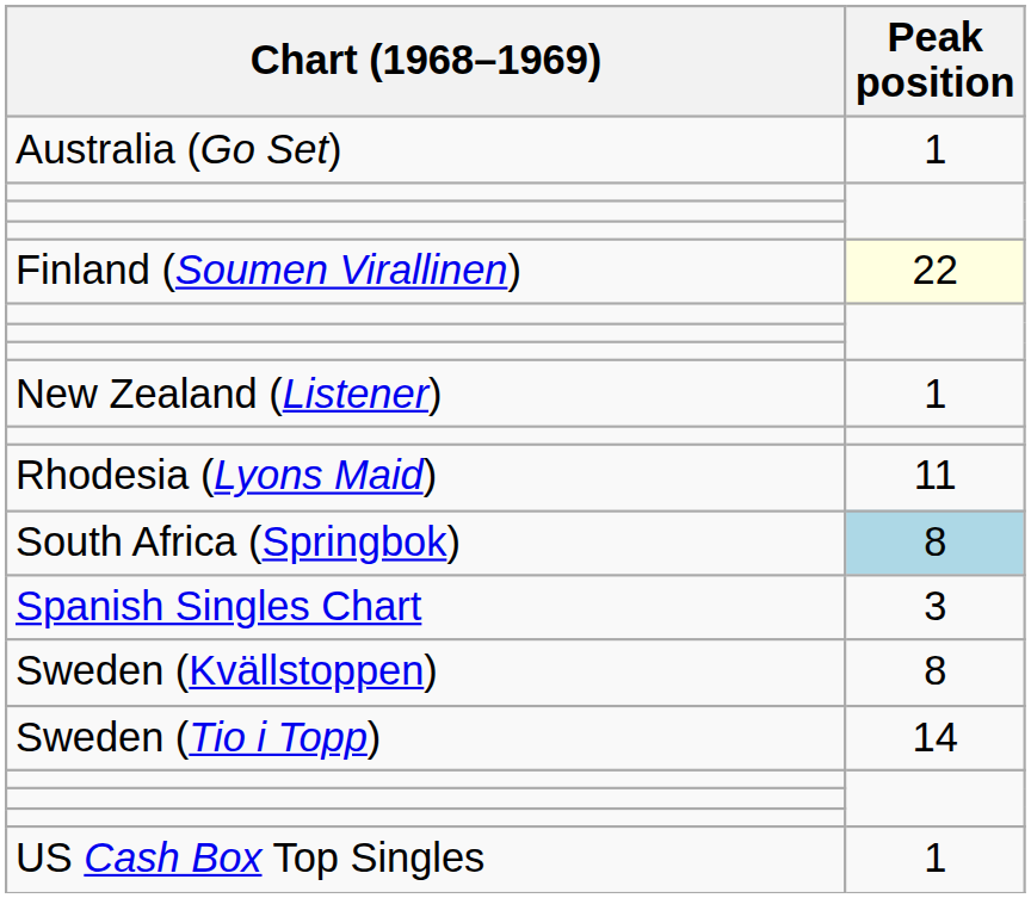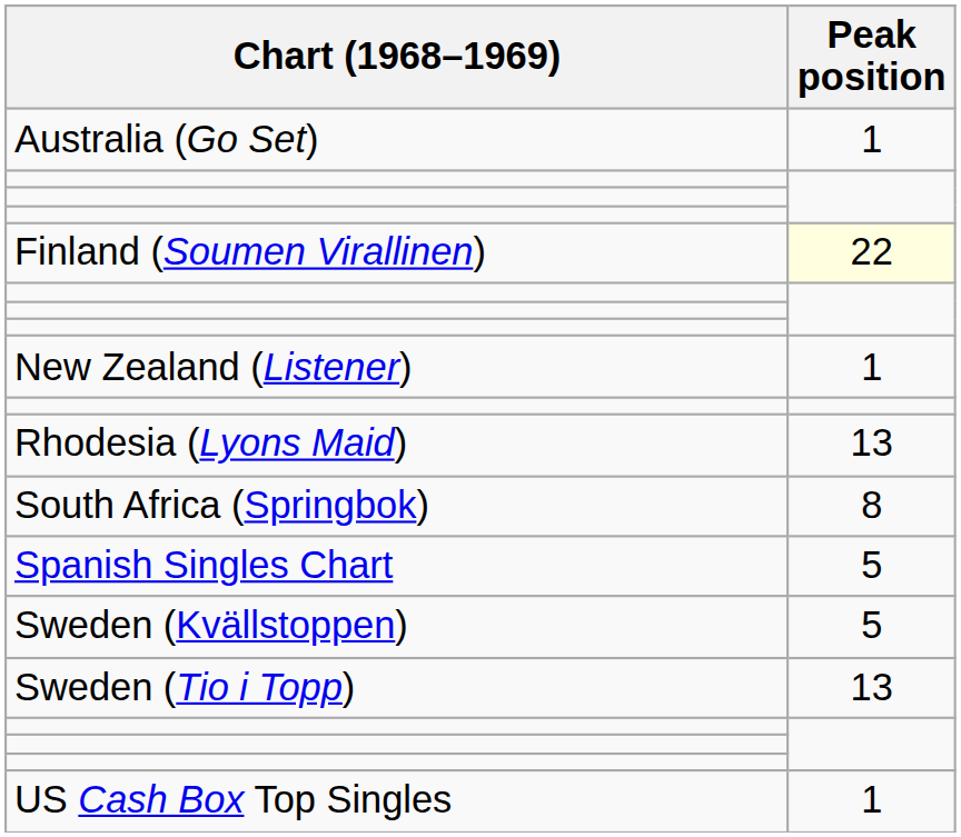 <table class="wikitable sortable">
 <tr>
 <th style="width:20em;">Chart (1968–1969)</th>
 <th>Peak<br>position</th>
 </tr>
 <tr>
 <td>Australia (<em>Go Set</em>)</td>
 <td style="text-align:center;">1</td>
 </tr>
 <tr>
 <td></td>
 </tr>
 <tr>
 <td></td>
 </tr>
 <tr>
 <td></td>
 </tr>
 <tr>
 <td align="left">Finland (<a href='#'><em>Soumen Virallinen</em></a>)</td>
 <td style="background: lightyellow; text-align:center;">22</td>
 </tr>
 <tr>
 <td></td>
 </tr>
 <tr>
 <td></td>
 </tr>
 <tr>
 <td></td>
 </tr>
 <tr>
 <td>New Zealand (<em><a href='#'>Listener</a></em>)</td>
 <td style="text-align:center;">1</td>
 </tr>
 <tr>
 <td></td>
 </tr>
 <tr>
 <td>Rhodesia (<em><a href='#'>Lyons Maid</a></em>)</td>
-<td style="text-align:center;">11</td>
+<td style="text-align:center;">13</td>
 </tr>
 <tr>
 <td>South Africa (<a href='#'>Springbok</a>)</td>
-<td align="center" style="background: lightblue;">8</td>
+<td align="center">8</td>
 </tr>
 <tr>
 <td><a href='#'>Spanish Singles Chart</a></td>
-<td align="center">3</td>
+<td align="center">5</td>
 </tr>
 <tr>
 <td>Sweden (<a href='#'>Kvällstoppen</a>)</td>
-<td style="text-align:center;">8</td>
+<td style="text-align:center;">5</td>
 </tr>
 <tr>
 <td>Sweden (<em><a href='#'>Tio i Topp</a></em>)</td>
-<td style="text-align:center;">14</td>
+<td style="text-align:center;">13</td>
 </tr>
 <tr>
 <td></td>
 </tr>
 <tr>
 <td></td>
 </tr>
 <tr>
 <td></td>
 </tr>
 <tr>
 <td>US <em><a href='#'>Cash Box</a></em> Top Singles</td>
 <td style="text-align:center;">1</td>
 </tr>
 </table>
